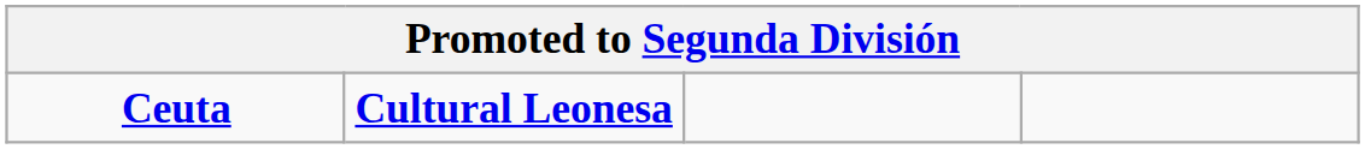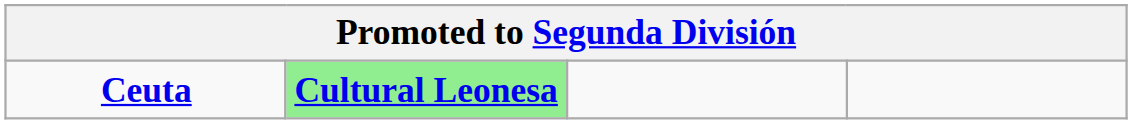 <table class="wikitable" style="text-align: center; margin: 0 auto;">
 <tr>
 <th colspan="4">Promoted to <a href='#'>Segunda División</a></th>
 </tr>
 <tr>
 <td width=25%><strong><a href='#'>Ceuta</a></strong><br></td>
-<td width=25%><strong><a href='#'>Cultural Leonesa</a></strong><br></td>
+<td width=25% style="background: lightgreen;"><strong><a href='#'>Cultural Leonesa</a></strong><br></td>
 <td width=25%></td>
 <td width=25%></td>
 </tr>
 </table>
